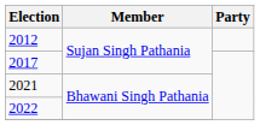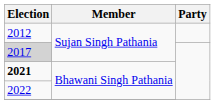 <table class="wikitable sortable">
 <tr>
 <th>Election</th>
 <th>Member</th>
 <th colspan=2>Party</th>
 </tr>
 <tr>
 <td><a href='#'>2012</a></td>
 <td rowspan="2"><a href='#'>Sujan Singh Pathania</a></td>
 <td></td>
 </tr>
 <tr>
-<td><a href='#'>2017</a></td>
+<td style="background: lightgrey;"><a href='#'>2017</a></td>
 </tr>
 <tr>
-<td>2021</td>
+<td><strong>2021</strong></td>
 <td rowspan="2"><a href='#'>Bhawani Singh Pathania</a></td>
 </tr>
 <tr>
 <td><a href='#'>2022</a></td>
 </tr>
 <tr>
 </tr>
 </table>
